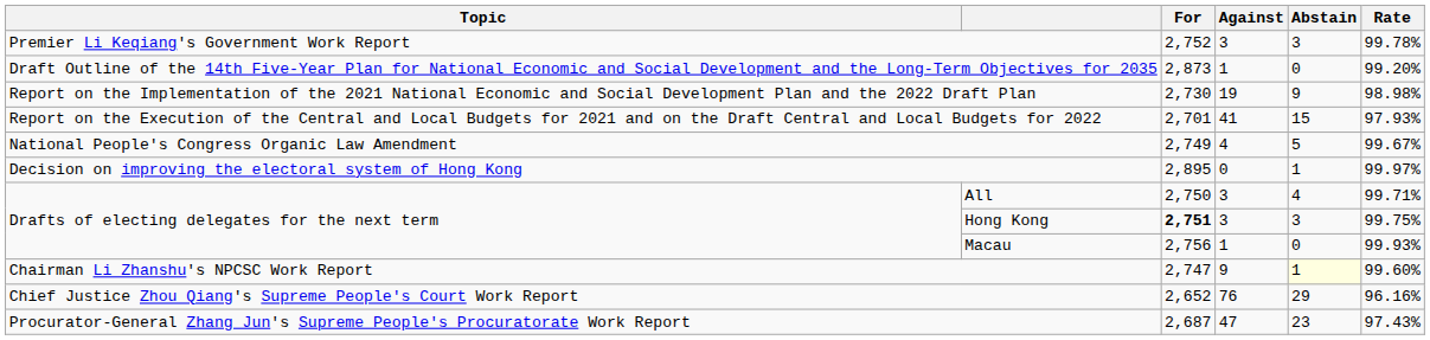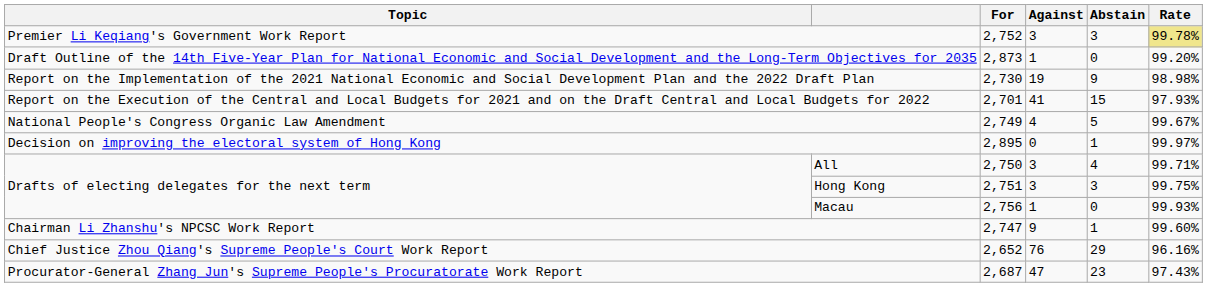 <table class="wikitable">
 <tr>
 <th>Topic</th>
 <th></th>
 <th>For</th>
 <th>Against</th>
 <th>Abstain</th>
 <th>Rate</th>
 </tr>
 <tr>
 <td colspan="2">Premier <a href='#'>Li Keqiang</a>'s Government Work Report</td>
 <td>2,752</td>
 <td>3</td>
 <td>3</td>
-<td>99.78%</td>
+<td style="background: khaki;">99.78%</td>
 </tr>
 <tr>
 <td colspan="2">Draft Outline of the <a href='#'>14th Five-Year Plan for National Economic and Social Development and the Long-Term Objectives for 2035</a></td>
 <td>2,873</td>
 <td>1</td>
 <td>0</td>
 <td>99.20%</td>
 </tr>
 <tr>
 <td colspan="2">Report on the Implementation of the 2021 National Economic and Social Development Plan and the 2022 Draft Plan</td>
 <td>2,730</td>
 <td>19</td>
 <td>9</td>
 <td>98.98%</td>
 </tr>
 <tr>
 <td colspan="2">Report on the Execution of the Central and Local Budgets for 2021 and on the Draft Central and Local Budgets for 2022</td>
 <td>2,701</td>
 <td>41</td>
 <td>15</td>
 <td>97.93%</td>
 </tr>
 <tr>
 <td colspan="2">National People's Congress Organic Law Amendment</td>
 <td>2,749</td>
 <td>4</td>
 <td>5</td>
 <td>99.67%</td>
 </tr>
 <tr>
 <td colspan="2">Decision on <a href='#'>improving the electoral system of Hong Kong</a></td>
 <td>2,895</td>
 <td>0</td>
 <td>1</td>
 <td>99.97%</td>
 </tr>
 <tr>
 <td rowspan="3">Drafts of electing delegates for the next term</td>
 <td>All</td>
 <td>2,750</td>
 <td>3</td>
 <td>4</td>
 <td>99.71%</td>
 </tr>
 <tr>
 <td>Hong Kong</td>
-<td><strong>2,751</strong></td>
+<td>2,751</td>
 <td>3</td>
 <td>3</td>
 <td>99.75%</td>
 </tr>
 <tr>
 <td>Macau</td>
 <td>2,756</td>
 <td>1</td>
 <td>0</td>
 <td>99.93%</td>
 </tr>
 <tr>
 <td colspan="2">Chairman <a href='#'>Li Zhanshu</a>'s NPCSC Work Report</td>
 <td>2,747</td>
 <td>9</td>
-<td style="background: lightyellow;">1</td>
+<td>1</td>
 <td>99.60%</td>
 </tr>
 <tr>
 <td colspan="2">Chief Justice <a href='#'>Zhou Qiang</a>'s <a href='#'>Supreme People's Court</a> Work Report</td>
 <td>2,652</td>
 <td>76</td>
 <td>29</td>
 <td>96.16%</td>
 </tr>
 <tr>
 <td colspan="2">Procurator-General <a href='#'>Zhang Jun</a>'s <a href='#'>Supreme People's Procuratorate</a> Work Report</td>
 <td>2,687</td>
 <td>47</td>
 <td>23</td>
 <td>97.43%</td>
 </tr>
 </table>
